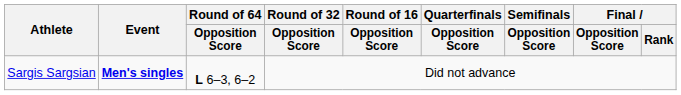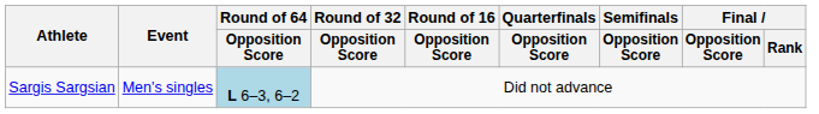 <table class=wikitable style="font-size:90%">
 <tr>
 <th rowspan="2">Athlete</th>
 <th rowspan="2">Event</th>
 <th>Round of 64</th>
 <th>Round of 32</th>
 <th>Round of 16</th>
 <th>Quarterfinals</th>
 <th>Semifinals</th>
 <th colspan=2>Final / </th>
 </tr>
 <tr style="font-size:95%">
 <th>Opposition<br>Score</th>
 <th>Opposition<br>Score</th>
 <th>Opposition<br>Score</th>
 <th>Opposition<br>Score</th>
 <th>Opposition<br>Score</th>
 <th>Opposition<br>Score</th>
 <th>Rank</th>
 </tr>
 <tr align=center>
 <td align=left><a href='#'>Sargis Sargsian</a></td>
-<td align=left><strong><a href='#'>Men's singles</a></strong></td>
-<td><br><strong>L</strong> 6–3, 6–2</td>
+<td align=left><a href='#'>Men's singles</a></td>
+<td style="background: lightblue;"><br><strong>L</strong> 6–3, 6–2</td>
 <td colspan=6>Did not advance</td>
 </tr>
 </table>
